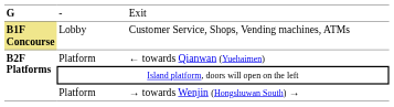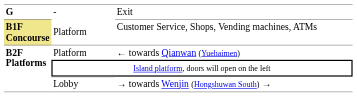 <table table border=0 cellspacing=0 cellpadding=3>
 <tr>
 <td style="border-top:solid 1px gray;" width=50 valign=top><strong>G</strong></td>
 <td style="border-top:solid 1px gray;" width=100 valign=top>-</td>
 <td style="border-top:solid 1px gray;" width=390 valign=top>Exit</td>
 </tr>
 <tr>
 <td style="background: khaki; border-bottom:solid 1px gray; border-top:solid 1px gray;" valign=top width=50><strong>B1F<br>Concourse</strong></td>
-<td style="border-bottom:solid 1px gray; border-top:solid 1px gray;" valign=top width=100>Lobby</td>
+<td style="border-bottom:solid 1px gray;">Platform</td>
 <td style="border-bottom:solid 1px gray; border-top:solid 1px gray;" valign=top width=390>Customer Service, Shops, Vending machines, ATMs</td>
 </tr>
 <tr>
 <td style="border-bottom:solid 1px gray;" rowspan="3" valign=top><strong>B2F<br>Platforms</strong></td>
 <td>Platform</td>
 <td>←  towards <a href='#'>Qianwan</a> <small>(<a href='#'>Yuehaimen</a>)</small></td>
 </tr>
 <tr>
 <td style="border-right:solid 2px black;border-left:solid 2px black;border-top:solid 2px black;border-bottom:solid 2px black;text-align:center;" colspan=2><small><a href='#'>Island platform</a>, doors will open on the left</small></td>
 </tr>
 <tr>
-<td style="border-bottom:solid 1px gray;">Platform</td>
+<td style="border-bottom:solid 1px gray; border-top:solid 1px gray;" valign=top width=100>Lobby</td>
 <td style="border-bottom:solid 1px gray;"><span>→</span>  towards <a href='#'>Wenjin</a> <small>(<a href='#'>Hongshuwan South</a>)</small> →</td>
 </tr>
 </table>
